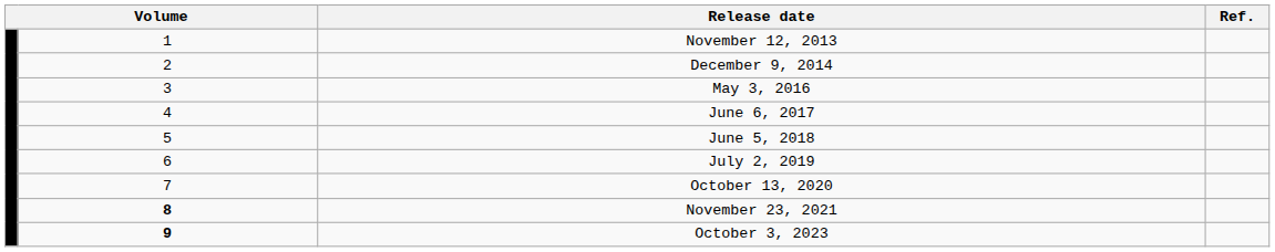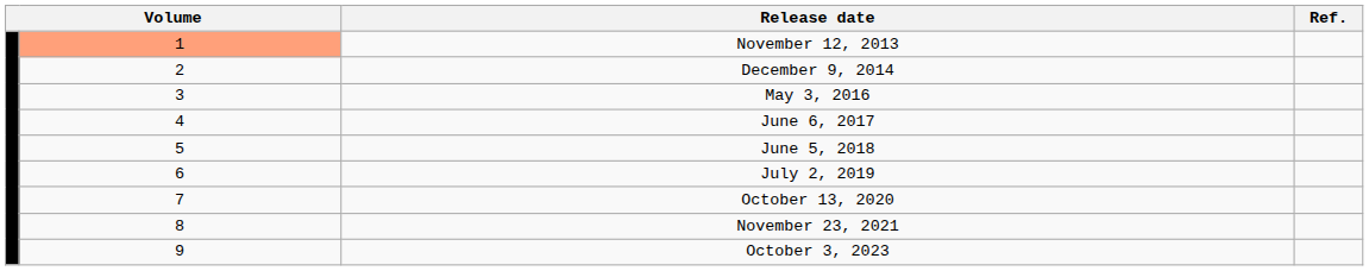 <table class="wikitable" style="text-align: center; width: 70%;">
 <tr>
 <th colspan="2">Volume</th>
 <th scope="column">Release date</th>
 <th width="5%">Ref.</th>
 </tr>
 <tr>
 <td rowspan="10" width="1%" style="background: black;"></td>
-<td>1</td>
+<td style="background: lightsalmon;">1</td>
 <td>November 12, 2013</td>
 <td></td>
 </tr>
 <tr>
 <td>2</td>
 <td>December 9, 2014</td>
 <td></td>
 </tr>
 <tr>
 <td>3</td>
 <td>May 3, 2016</td>
 <td></td>
 </tr>
 <tr>
 <td>4</td>
 <td>June 6, 2017</td>
 <td></td>
 </tr>
 <tr>
 <td>5</td>
 <td>June 5, 2018</td>
 <td></td>
 </tr>
 <tr>
 <td>6</td>
 <td>July 2, 2019</td>
 <td></td>
 </tr>
 <tr>
 <td>7</td>
 <td>October 13, 2020</td>
 <td></td>
 </tr>
 <tr>
-<td><strong>8</strong></td>
+<td>8</td>
 <td>November 23, 2021</td>
 <td></td>
 </tr>
 <tr>
-<td><strong>9</strong></td>
+<td>9</td>
 <td>October 3, 2023</td>
 <td></td>
 </tr>
 </table>
